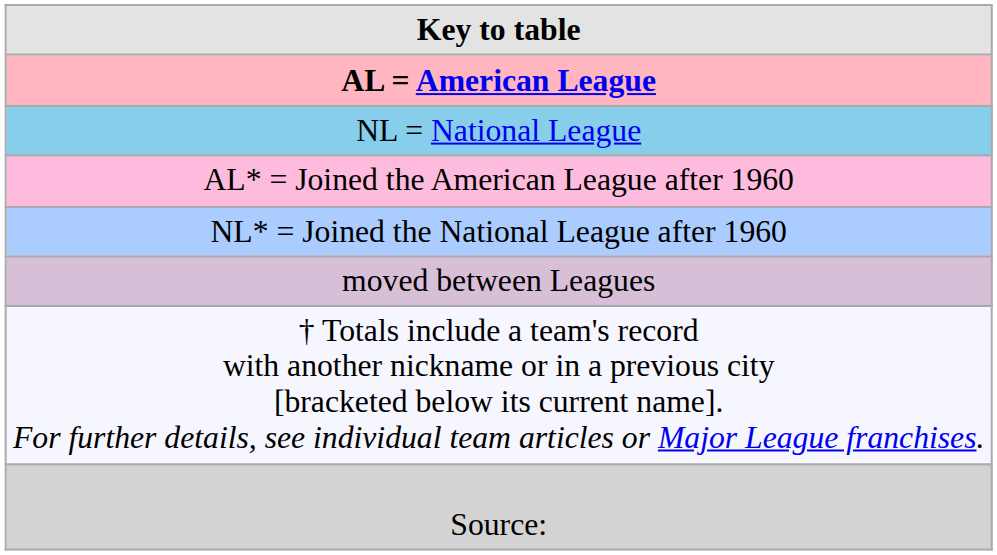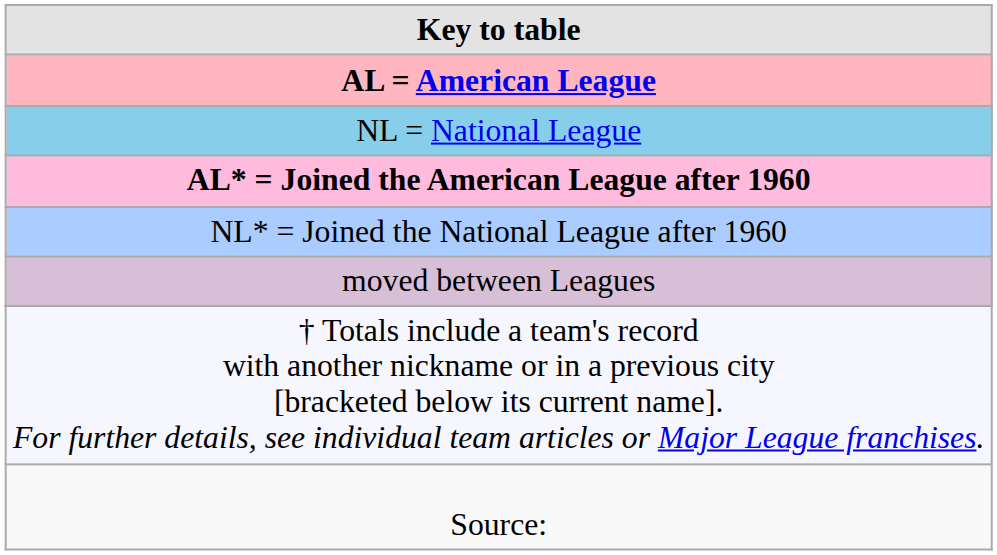 <table class="wikitable" style=" margin-left:1em; text-align:center;">
 <tr style="text-align:center;">
 <td style="background:#e3e3e3;"><strong>Key to table</strong></td>
 </tr>
 <tr>
 <td style="background:LightPink"><strong>AL = <a href='#'>American League</a></strong></td>
 </tr>
 <tr>
 <td style= "background: SkyBlue">NL = <a href='#'>National League</a></td>
 </tr>
 <tr>
-<td style="background:#fbd">AL* = Joined the American League after 1960</td>
+<td style="background:#fbd"><strong>AL* = Joined the American League after 1960</strong></td>
 </tr>
 <tr>
 <td style="background:#acf">NL* = Joined the National League after 1960</td>
 </tr>
 <tr>
 <td style="background:thistle">moved between Leagues</td>
 </tr>
 <tr>
 </tr>
 <tr style="background:#f6f6fe;">
 <td>† Totals include a team's record<br> with another nickname or in a previous city<br>[bracketed below its current name].<br> <em>For further details, see individual team articles or <a href='#'>Major League franchises</a>.</em></td>
 </tr>
 <tr>
-<td style="background: lightgrey;"><br>Source: </td>
+<td><br>Source: </td>
 </tr>
 </table>
